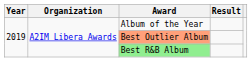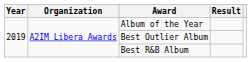 <table class="wikitable plainrowheaders">
 <tr>
 <th>Year</th>
 <th>Organization</th>
 <th>Award</th>
 <th>Result</th>
 <th></th>
 </tr>
 <tr>
 <td rowspan="3">2019</td>
 <td rowspan="3"><a href='#'>A2IM Libera Awards</a></td>
 <td>Album of the Year</td>
 <td></td>
 <td rowspan="3"></td>
 </tr>
 <tr>
-<td style="background: lightsalmon;">Best Outlier Album</td>
+<td>Best Outlier Album</td>
 <td></td>
 </tr>
 <tr>
-<td style="background: lightgreen;">Best R&B Album</td>
+<td>Best R&B Album</td>
 <td></td>
 </tr>
 </table>
